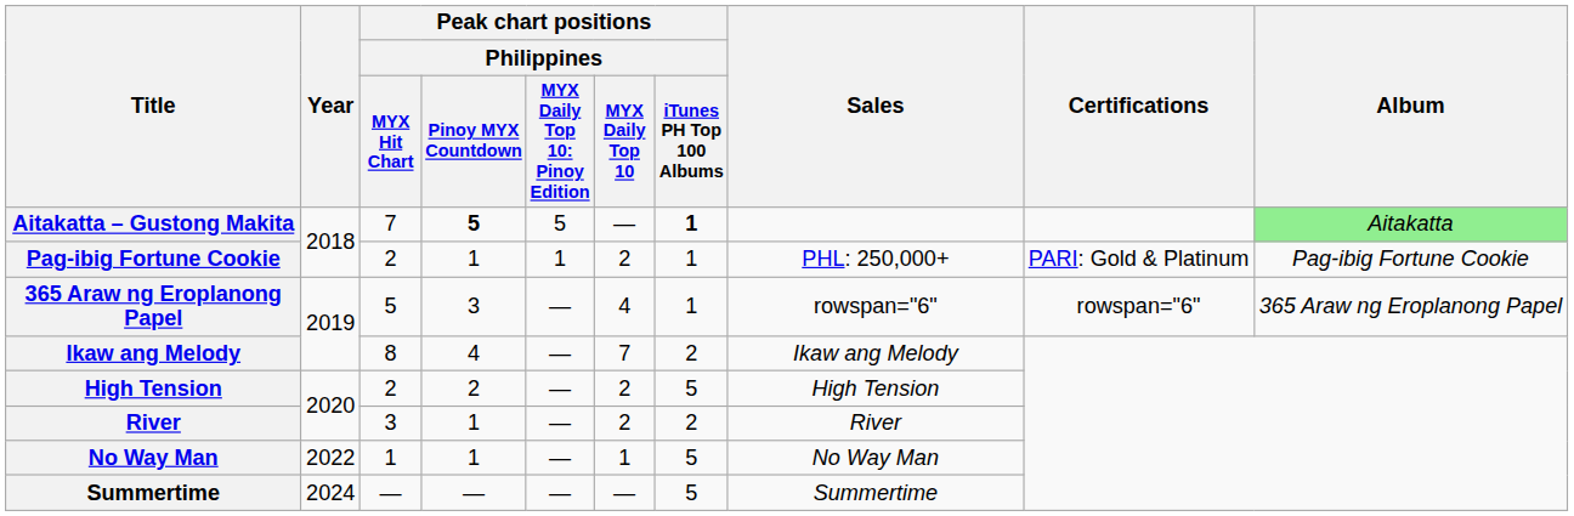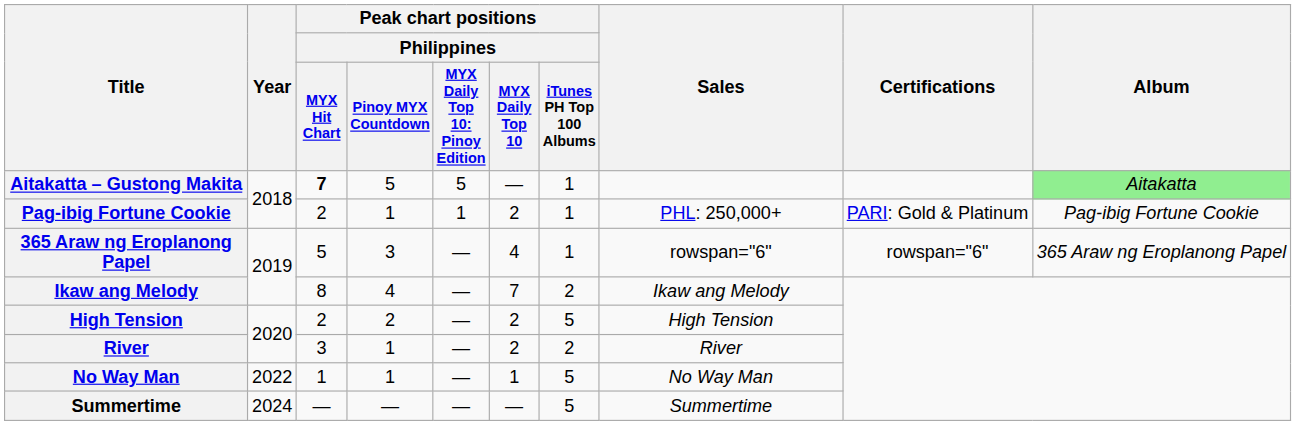 <table class="wikitable plainrowheaders" style="text-align:center;">
 <tr>
 <th rowspan="3" scope="col" style="width:13em;">Title</th>
 <th rowspan="3" scope="col">Year</th>
 <th colspan="5" scope="col">Peak chart positions</th>
 <th rowspan="3" scope="col" style="width:13em;">Sales</th>
 <th rowspan="3" scope="col">Certifications</th>
 <th rowspan="3">Album</th>
 </tr>
 <tr>
 <th colspan="5" scope="col">Philippines</th>
 </tr>
 <tr>
 <th scope="col" style="width:3em;font-size:80%;"><a href='#'>MYX Hit Chart</a><br></th>
 <th scope="col" style="width:3em;font-size:80%;"><a href='#'>Pinoy MYX Countdown</a><br></th>
 <th scope="col" style="width:3em;font-size:80%;"><a href='#'>MYX Daily Top 10: Pinoy Edition</a><br></th>
 <th scope="col" style="width:3em;font-size:80%;"><a href='#'>MYX Daily Top 10</a><br></th>
 <th scope="col" style="width:3em;font-size:80%;"><a href='#'>iTunes</a> PH Top 100 Albums<br></th>
 </tr>
 <tr>
 <th scope="row"><a href='#'>Aitakatta – Gustong Makita</a></th>
 <td rowspan="2">2018</td>
-<td>7</td>
-<td><strong>5</strong></td>
+<td><strong>7</strong></td>
+<td>5</td>
 <td>5</td>
 <td>—</td>
-<td><strong>1</strong></td>
+<td>1</td>
 <td></td>
 <td></td>
 <td style="background: lightgreen;"><em>Aitakatta</em></td>
 </tr>
 <tr>
 <th scope="row"><a href='#'>Pag-ibig Fortune Cookie</a></th>
 <td>2</td>
 <td>1</td>
 <td>1</td>
 <td>2</td>
 <td>1</td>
 <td><a href='#'>PHL</a>: 250,000+</td>
 <td><a href='#'>PARI</a>: Gold & Platinum</td>
 <td><em>Pag-ibig Fortune Cookie</em></td>
 </tr>
 <tr>
 <th scope="row"><a href='#'>365 Araw ng Eroplanong Papel</a></th>
 <td rowspan="2">2019</td>
 <td>5</td>
 <td>3</td>
 <td>—</td>
 <td>4</td>
 <td>1</td>
 <td>rowspan="6"  </td>
 <td>rowspan="6"  </td>
 <td><em>365 Araw ng Eroplanong Papel</em></td>
 </tr>
 <tr>
 <th scope="row"><a href='#'>Ikaw ang Melody</a></th>
 <td>8</td>
 <td>4</td>
 <td>—</td>
 <td>7</td>
 <td>2</td>
 <td><em>Ikaw ang Melody</em></td>
 </tr>
 <tr>
 <th scope="row"><a href='#'>High Tension</a></th>
 <td rowspan="2">2020</td>
 <td>2</td>
 <td>2</td>
 <td>—</td>
 <td>2</td>
 <td>5</td>
 <td><em>High Tension</em></td>
 </tr>
 <tr>
 <th scope="row"><a href='#'>River</a></th>
 <td>3</td>
 <td>1</td>
 <td>—</td>
 <td>2</td>
 <td>2</td>
 <td><em>River</em></td>
 </tr>
 <tr>
 <th scope="row"><a href='#'>No Way Man</a></th>
 <td>2022</td>
 <td>1</td>
 <td>1</td>
 <td>—</td>
 <td>1</td>
 <td>5</td>
 <td><em>No Way Man</em></td>
 </tr>
 <tr>
 <th scope="row">Summertime</th>
 <td>2024</td>
 <td>—</td>
 <td>—</td>
 <td>—</td>
 <td>—</td>
 <td>5</td>
 <td><em>Summertime</em></td>
 </tr>
 </table>
